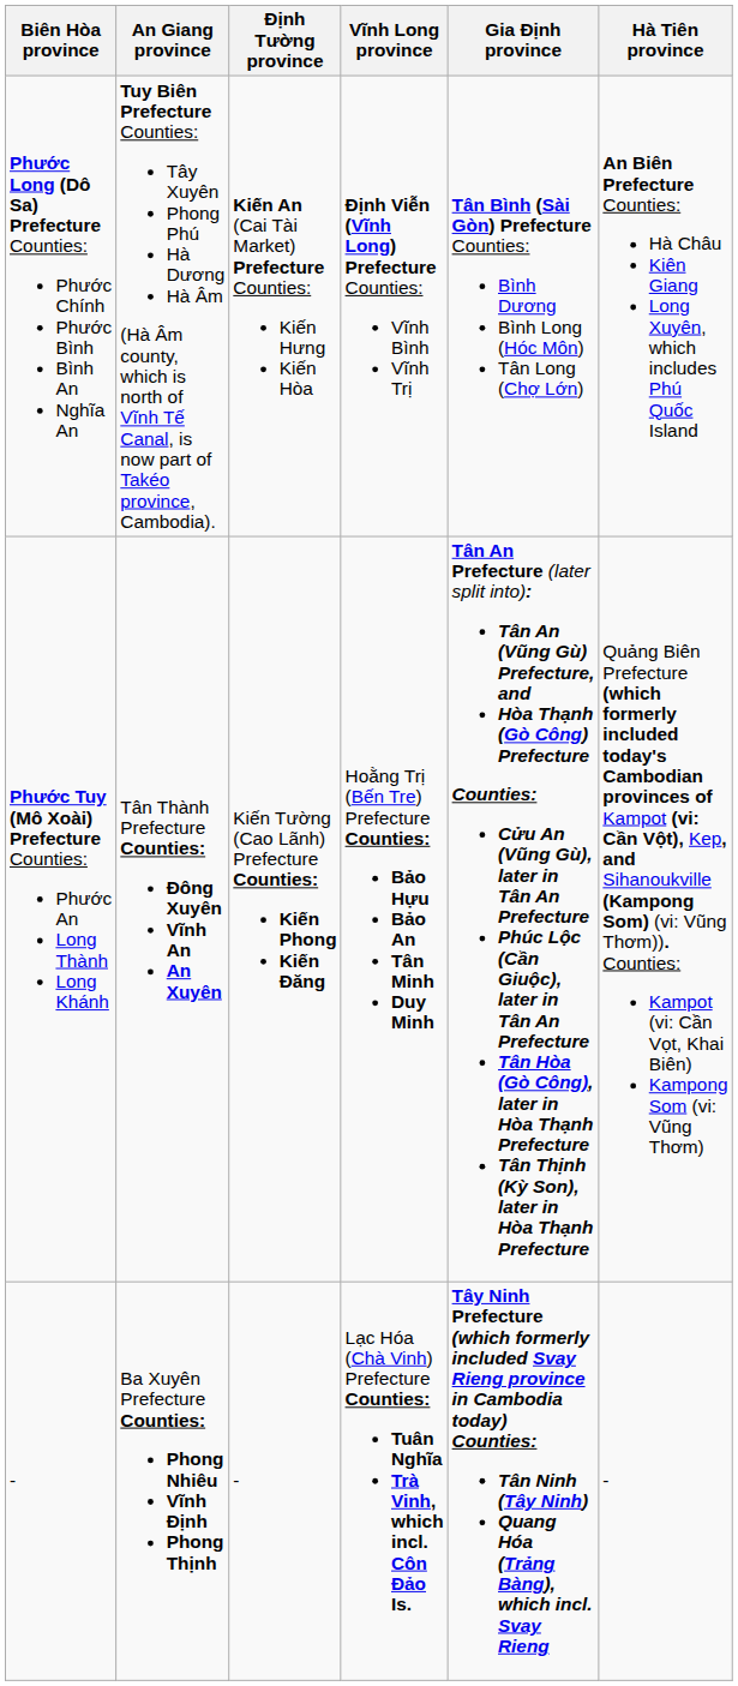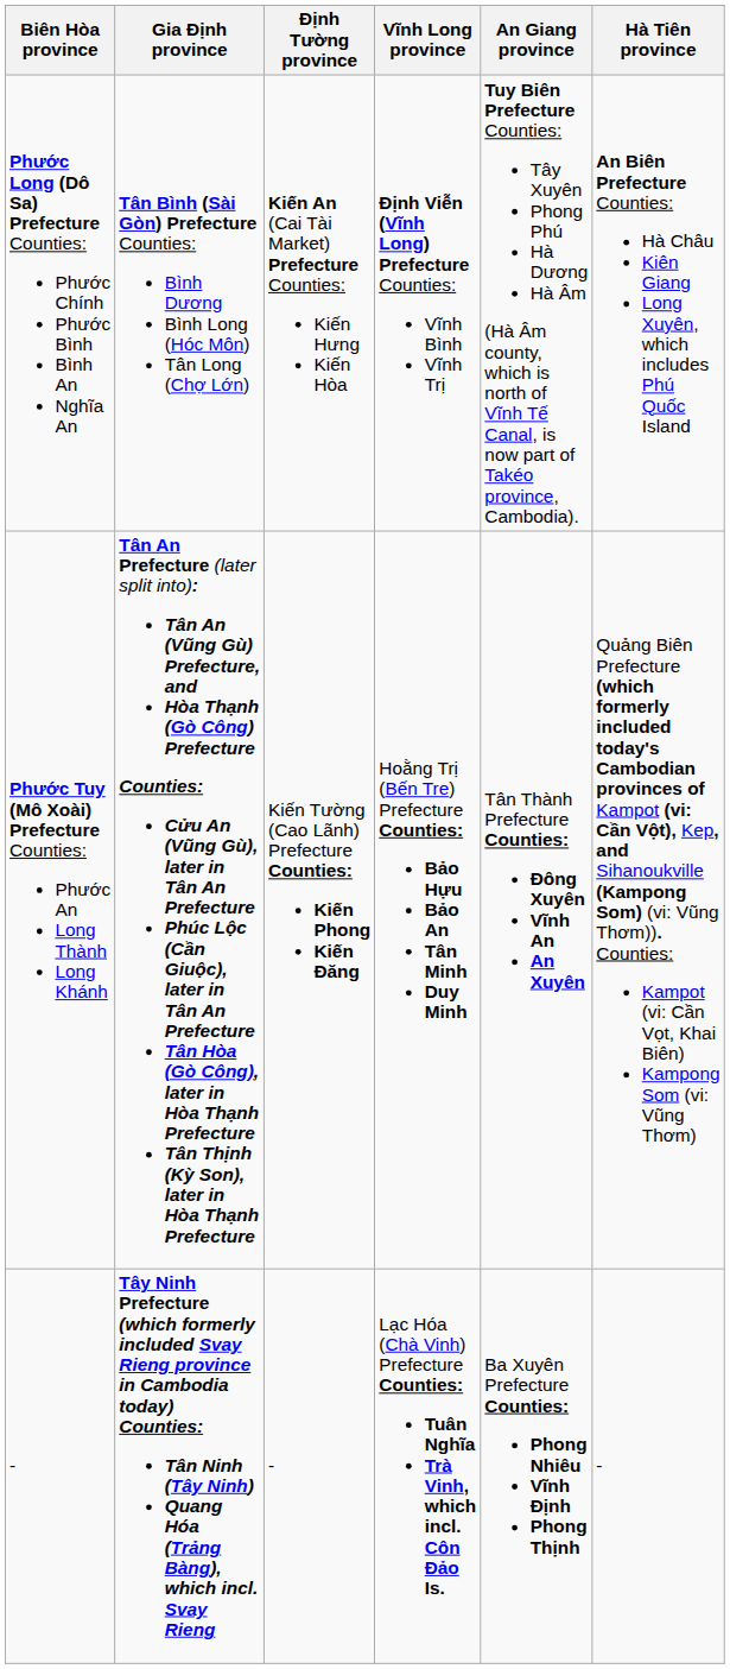 <table class="wikitable sortable">
 <tr>
 <th>Biên Hòa province</th>
-<th>An Giang province</th>
+<th>Gia Định province</th>
 <th>Định Tường province</th>
 <th>Vĩnh Long province</th>
-<th>Gia Định province</th>
+<th>An Giang province</th>
 <th>Hà Tiên province</th>
 </tr>
 <tr>
 <td><strong><a href='#'>Phước Long</a> (Dô Sa) Prefecture</strong><br><u>Counties:</u><ul><li>Phước Chính</li><li>Phước Bình</li><li>Bình An</li><li>Nghĩa An</li></ul></td>
-<td><strong>Tuy Biên Prefecture</strong><br><u>Counties:</u><ul><li>Tây Xuyên</li><li>Phong Phú</li><li>Hà Dương</li><li>Hà Âm</li></ul>(Hà Âm county, which is north of <a href='#'>Vĩnh Tế Canal</a>, is now part of <a href='#'>Takéo province</a>, Cambodia).</td>
+<td><strong><a href='#'>Tân Bình</a> (<a href='#'>Sài Gòn</a>) Prefecture</strong><br><u>Counties:</u><ul><li><a href='#'>Bình Dương</a></li><li>Bình Long (<a href='#'>Hóc Môn</a>)</li><li>Tân Long (<a href='#'>Chợ Lớn</a>)</li></ul></td>
 <td><strong>Kiến An</strong> (Cai Tài Market) <strong>Prefecture</strong><br><u>Counties:</u><ul><li>Kiến Hưng</li><li>Kiến Hòa</li></ul></td>
 <td><strong>Định Viễn (<a href='#'>Vĩnh Long</a>) Prefecture</strong><br><u>Counties:</u><ul><li>Vĩnh Bình</li><li>Vĩnh Trị</li></ul></td>
-<td><strong><a href='#'>Tân Bình</a> (<a href='#'>Sài Gòn</a>) Prefecture</strong><br><u>Counties:</u><ul><li><a href='#'>Bình Dương</a></li><li>Bình Long (<a href='#'>Hóc Môn</a>)</li><li>Tân Long (<a href='#'>Chợ Lớn</a>)</li></ul></td>
+<td><strong>Tuy Biên Prefecture</strong><br><u>Counties:</u><ul><li>Tây Xuyên</li><li>Phong Phú</li><li>Hà Dương</li><li>Hà Âm</li></ul>(Hà Âm county, which is north of <a href='#'>Vĩnh Tế Canal</a>, is now part of <a href='#'>Takéo province</a>, Cambodia).</td>
 <td><strong>An Biên Prefecture</strong><br><u>Counties:</u><ul><li>Hà Châu</li><li><a href='#'>Kiên Giang</a></li><li><a href='#'>Long Xuyên</a>, which includes <a href='#'>Phú Quốc</a> Island</li></ul></td>
 </tr>
 <tr>
 <td><strong><a href='#'>Phước Tuy</a> (Mô Xoài) Prefecture</strong><br><u>Counties:</u><ul><li>Phước An</li><li><a href='#'>Long Thành</a></li><li><a href='#'>Long Khánh</a></li></ul></td>
-<td></strong>Tân Thành Prefecture<strong><br><u>Counties:</u><ul><li>Đông Xuyên</li><li>Vĩnh An</li><li><a href='#'>An Xuyên</a></li></ul></td>
+<td><strong><a href='#'>Tân An</a> Prefecture</strong> <em>(later split into)<strong><em>:<strong><br><ul><li></strong>Tân An (Vũng Gù) Prefecture<strong>, </em>and<em></li><li></strong>Hòa Thạnh (<a href='#'>Gò Công</a>) Prefecture<strong></li></ul><u>Counties:</u><ul><li>Cửu An (Vũng Gù), later in Tân An Prefecture</li><li>Phúc Lộc (Cần Giuộc), later in Tân An Prefecture</li><li><a href='#'>Tân Hòa (Gò Công)</a>, later in Hòa Thạnh Prefecture</li><li>Tân Thịnh (Kỳ Son), later in Hòa Thạnh Prefecture</li></ul></td>
 <td></strong>Kiến Tường (Cao Lãnh) Prefecture<strong><br><u>Counties:</u><ul><li>Kiến Phong</li><li>Kiến Đăng</li></ul></td>
 <td></strong>Hoằng Trị (<a href='#'>Bến Tre</a>) Prefecture<strong><br><u>Counties:</u><ul><li>Bảo Hựu</li><li>Bảo An</li><li>Tân Minh</li><li>Duy Minh</li></ul></td>
-<td><strong><a href='#'>Tân An</a> Prefecture</strong> <em>(later split into)<strong><em>:<strong><br><ul><li></strong>Tân An (Vũng Gù) Prefecture<strong>, </em>and<em></li><li></strong>Hòa Thạnh (<a href='#'>Gò Công</a>) Prefecture<strong></li></ul><u>Counties:</u><ul><li>Cửu An (Vũng Gù), later in Tân An Prefecture</li><li>Phúc Lộc (Cần Giuộc), later in Tân An Prefecture</li><li><a href='#'>Tân Hòa (Gò Công)</a>, later in Hòa Thạnh Prefecture</li><li>Tân Thịnh (Kỳ Son), later in Hòa Thạnh Prefecture</li></ul></td>
+<td></strong>Tân Thành Prefecture<strong><br><u>Counties:</u><ul><li>Đông Xuyên</li><li>Vĩnh An</li><li><a href='#'>An Xuyên</a></li></ul></td>
 <td></strong>Quảng Biên Prefecture<strong> </em>(which formerly included today's Cambodian provinces of <a href='#'></strong>Kampot<strong></a> (vi: Cần Vột), <a href='#'></strong>Kep<strong></a>, and <em><a href='#'></em></strong>Sihanoukville<strong><em></a></em> (Kampong Som) </em></strong>(vi: Vũng Thơm)</strong>)<strong>.</strong><br><u>Counties:</u><ul><li><a href='#'>Kampot</a> (vi: Cần Vọt, Khai Biên)</li><li><a href='#'>Kampong Som</a> (vi: Vũng Thơm)</li></ul></td>
 </tr>
 <tr>
 <td>-</td>
-<td></strong>Ba Xuyên Prefecture<strong><br><u>Counties:</u><ul><li>Phong Nhiêu</li><li>Vĩnh Định</li><li>Phong Thịnh</li></ul></td>
+<td><strong><a href='#'>Tây Ninh</a> Prefecture<strong><em> (which formerly included <a href='#'>Svay Rieng province</a> in Cambodia today)<em><br><u>Counties:</u><ul><li>Tân Ninh (<a href='#'>Tây Ninh</a>)</li><li>Quang Hóa (<a href='#'>Trảng Bàng</a>), which incl. <a href='#'>Svay Rieng</a></li></ul></td>
 <td>-</td>
 <td></strong>Lạc Hóa (<a href='#'>Chà Vinh</a>) Prefecture<strong><br><u>Counties:</u><ul><li>Tuân Nghĩa</li><li><a href='#'>Trà Vinh</a>, which incl. <a href='#'>Côn Đảo</a> Is.</li></ul></td>
-<td><strong><a href='#'>Tây Ninh</a> Prefecture<strong><em> (which formerly included <a href='#'>Svay Rieng province</a> in Cambodia today)<em><br><u>Counties:</u><ul><li>Tân Ninh (<a href='#'>Tây Ninh</a>)</li><li>Quang Hóa (<a href='#'>Trảng Bàng</a>), which incl. <a href='#'>Svay Rieng</a></li></ul></td>
+<td></strong>Ba Xuyên Prefecture<strong><br><u>Counties:</u><ul><li>Phong Nhiêu</li><li>Vĩnh Định</li><li>Phong Thịnh</li></ul></td>
 <td>-</td>
 </tr>
 </table>
